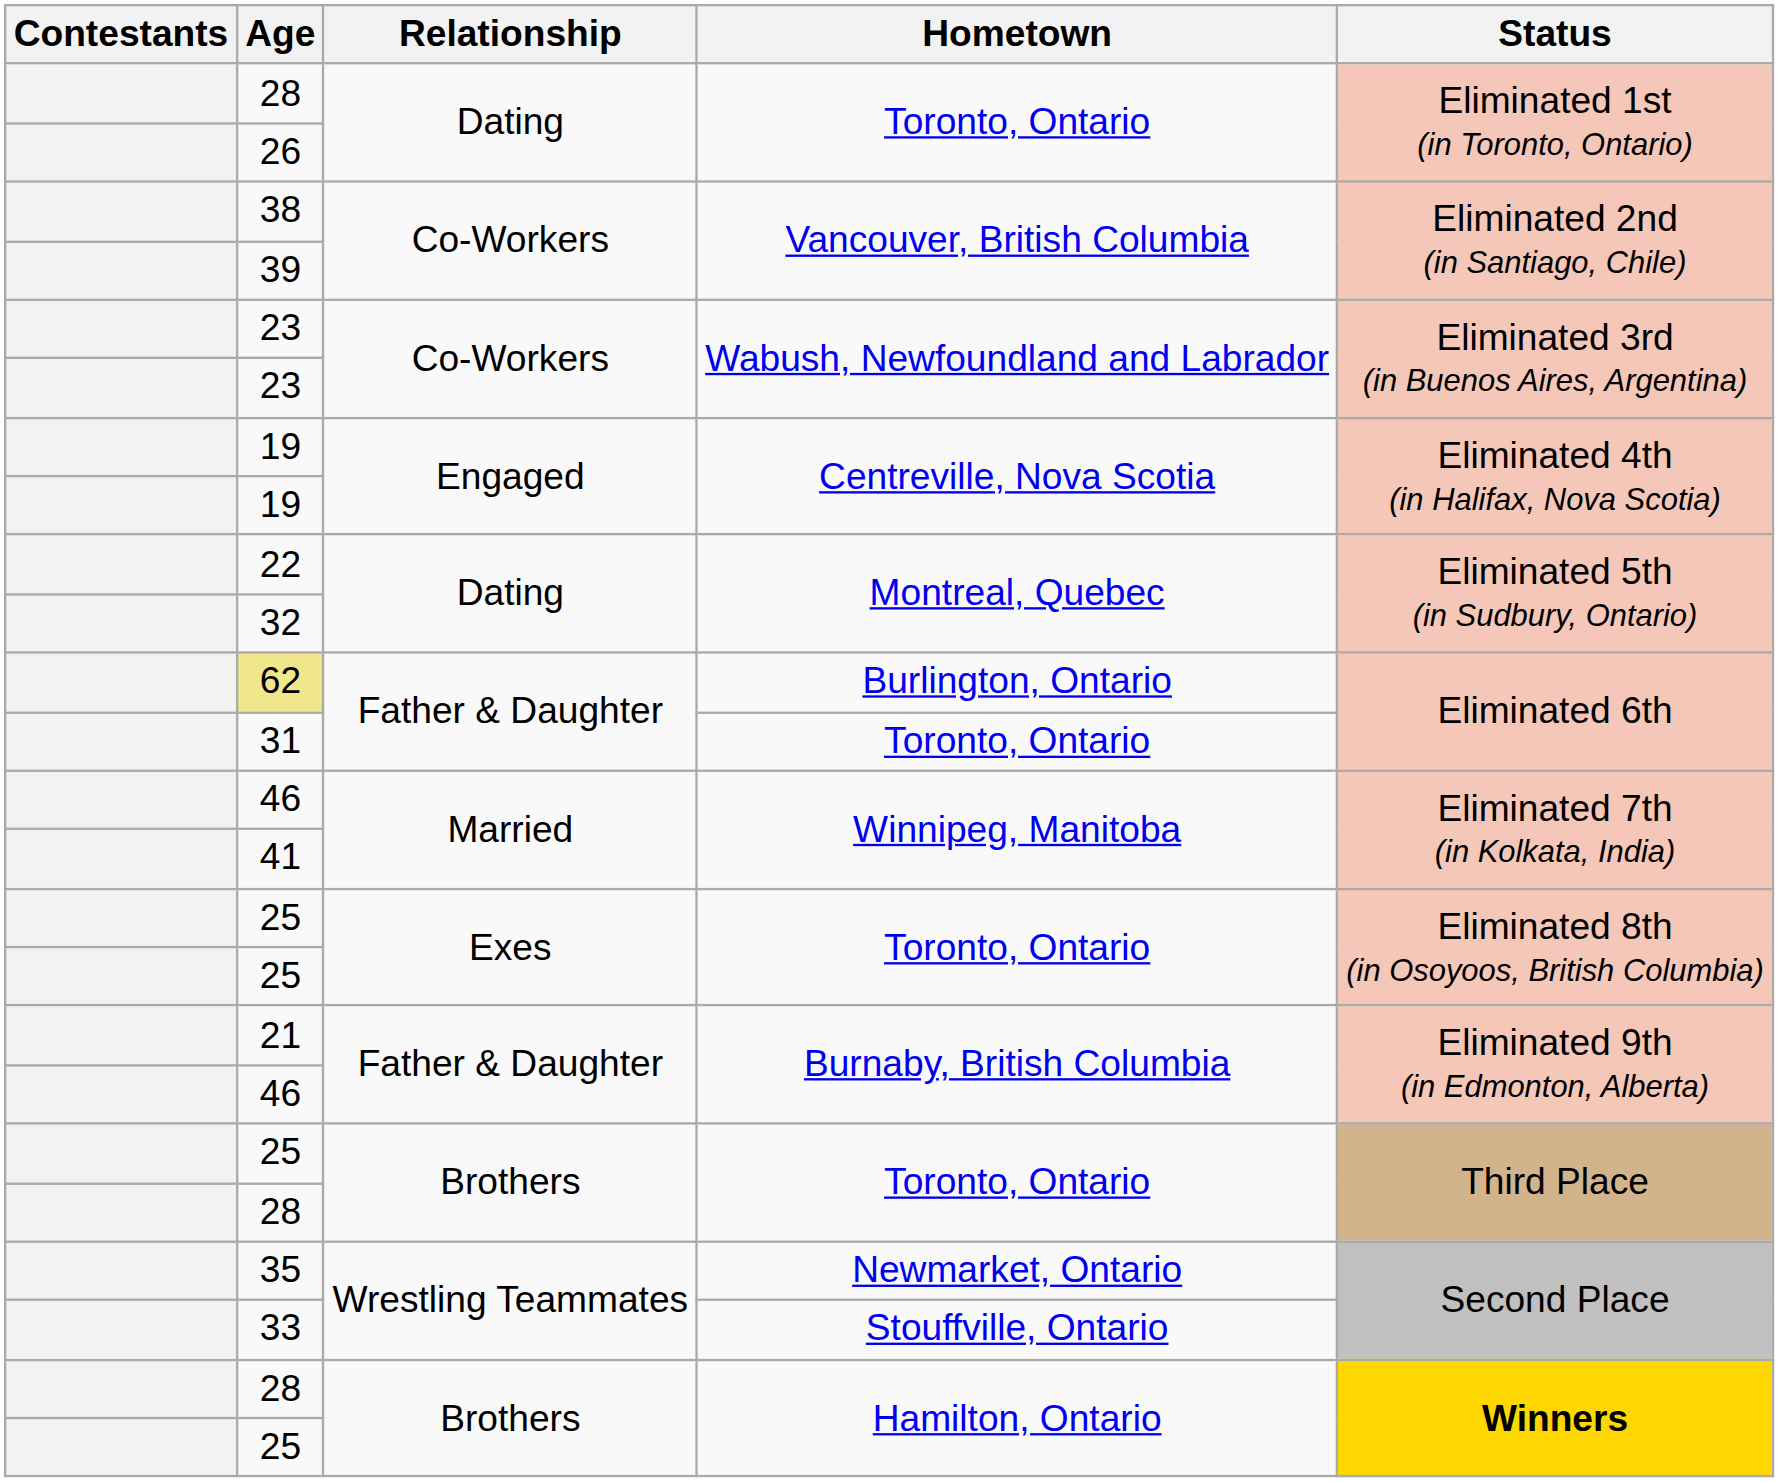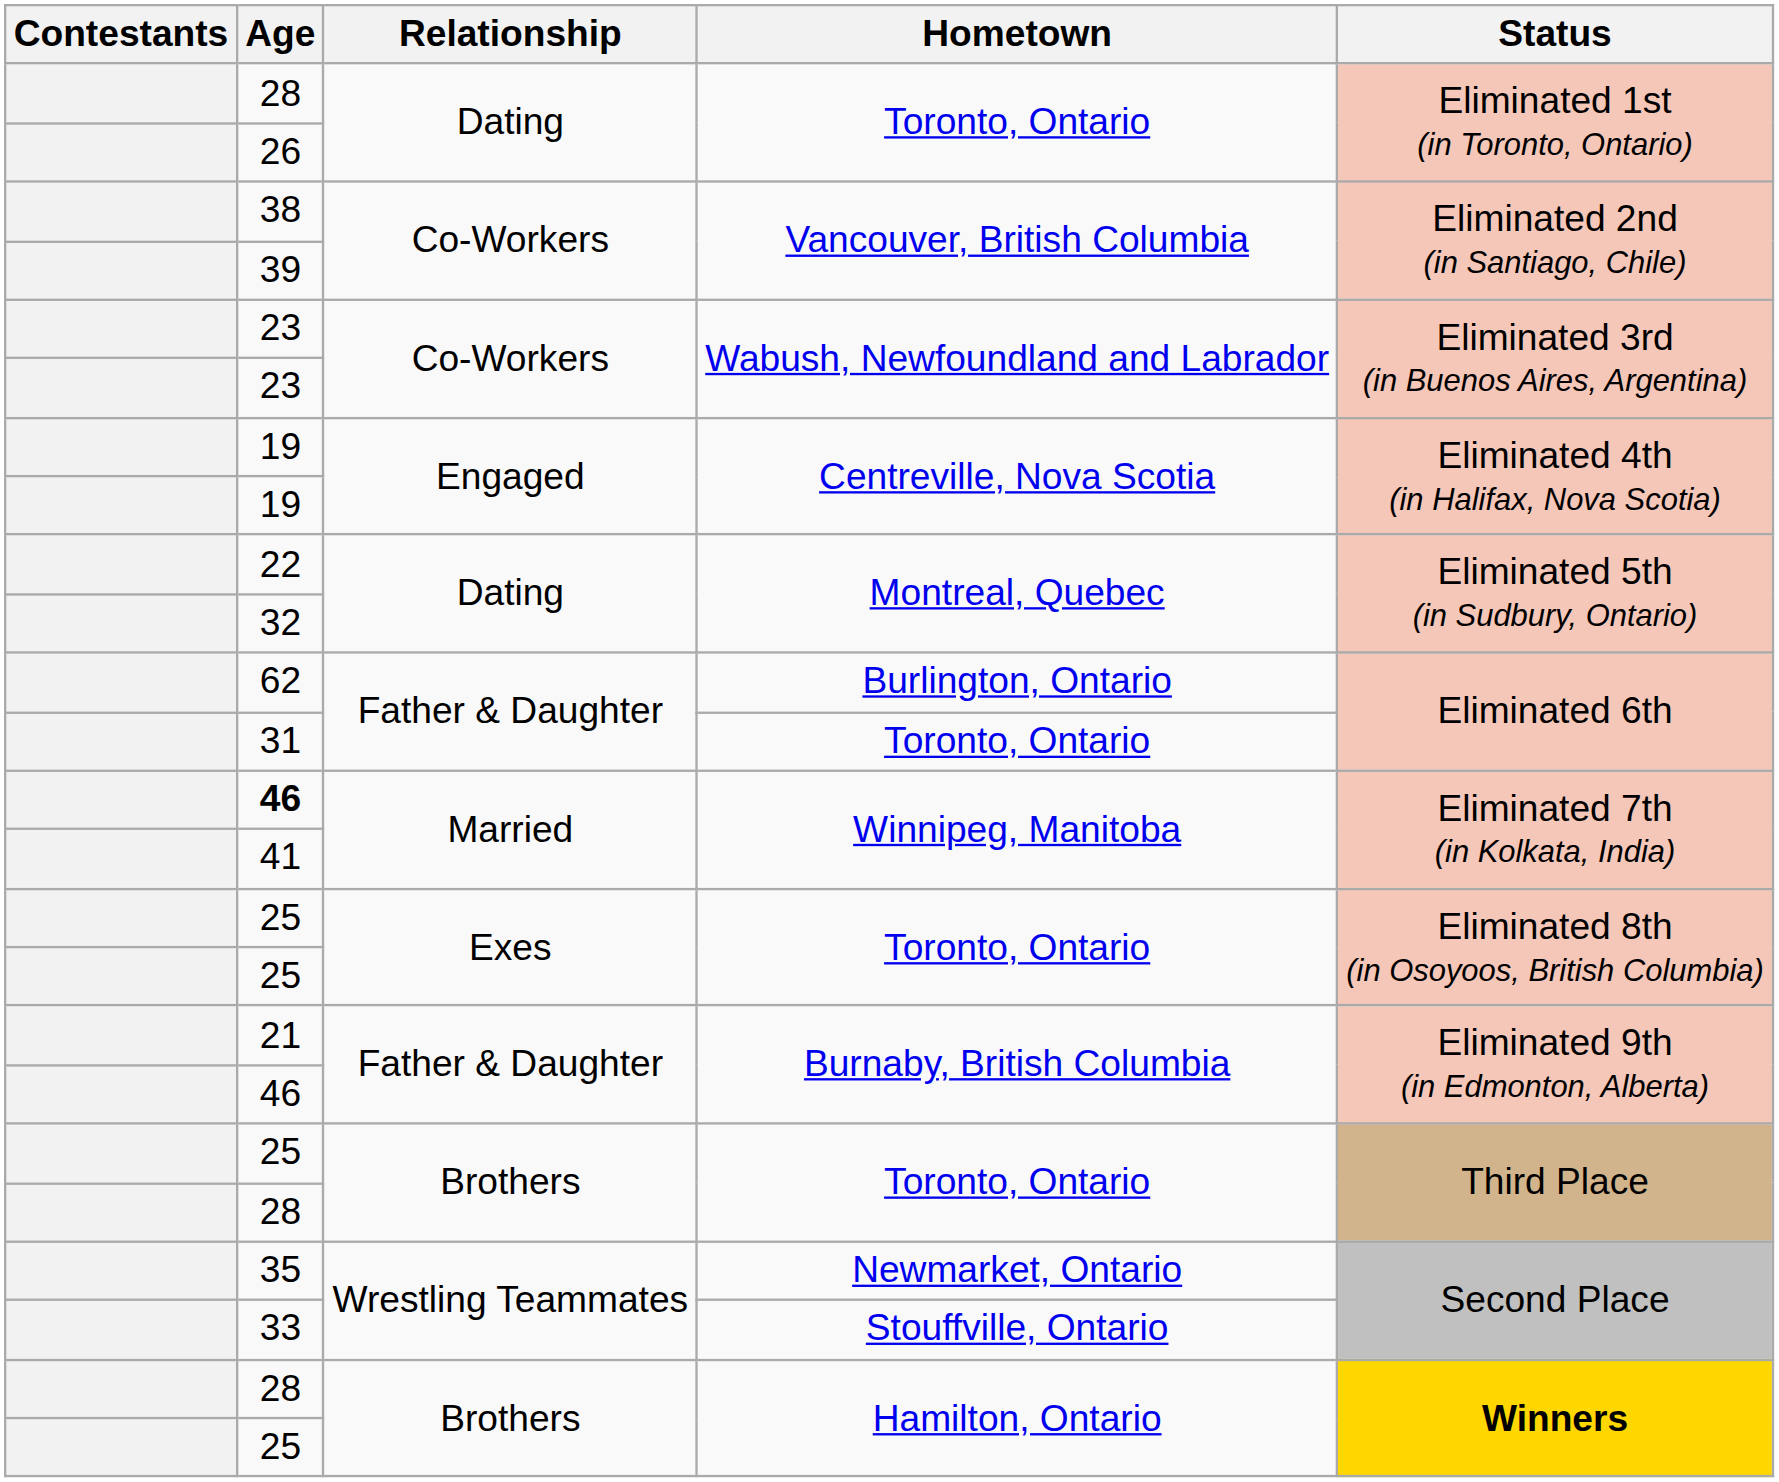 <table class="wikitable sortable" style="text-align:center;">
 <tr>
 <th scope="col">Contestants</th>
 <th scope="col">Age</th>
 <th class="unsortable" scope="col">Relationship</th>
 <th scope="col" class="unsortable">Hometown</th>
 <th scope="col">Status</th>
 </tr>
 <tr>
 <th scope="row"></th>
 <td>28</td>
 <td rowspan="2">Dating</td>
 <td rowspan="2"><a href='#'>Toronto, Ontario</a></td>
 <td rowspan="2" bgcolor="f4c7b8">Eliminated 1st<br><small><em>(in Toronto, Ontario)</em></small></td>
 </tr>
 <tr>
 <th scope="row"></th>
 <td>26</td>
 </tr>
 <tr>
 <th scope="row"></th>
 <td>38</td>
 <td rowspan="2">Co-Workers</td>
 <td rowspan="2"><a href='#'>Vancouver, British Columbia</a></td>
 <td rowspan="2" bgcolor="f4c7b8">Eliminated 2nd<br><small><em>(in Santiago, Chile)</em></small></td>
 </tr>
 <tr>
 <th scope="row"></th>
 <td>39</td>
 </tr>
 <tr>
 <th scope="row"></th>
 <td>23</td>
 <td rowspan="2">Co-Workers</td>
 <td rowspan="2"><a href='#'>Wabush, Newfoundland and Labrador</a></td>
 <td rowspan="2" bgcolor="f4c7b8">Eliminated 3rd<br><small><em>(in Buenos Aires, Argentina)</em></small></td>
 </tr>
 <tr>
 <th scope="row"></th>
 <td>23</td>
 </tr>
 <tr>
 <th scope="row"></th>
 <td>19</td>
 <td rowspan="2">Engaged</td>
 <td rowspan="2"><a href='#'>Centreville, Nova Scotia</a></td>
 <td rowspan="2" bgcolor="f4c7b8">Eliminated 4th<br><small><em>(in Halifax, Nova Scotia)</em></small></td>
 </tr>
 <tr>
 <th scope="row"></th>
 <td>19</td>
 </tr>
 <tr>
 <th scope="row"></th>
 <td>22</td>
 <td rowspan="2">Dating</td>
 <td rowspan="2"><a href='#'>Montreal, Quebec</a></td>
 <td rowspan="2" bgcolor="f4c7b8">Eliminated 5th<br><small><em>(in Sudbury, Ontario)</em></small></td>
 </tr>
 <tr>
 <th scope="row"></th>
 <td>32</td>
 </tr>
 <tr>
 <th scope="row"></th>
-<td style="background: khaki;">62</td>
+<td>62</td>
 <td rowspan="2">Father & Daughter</td>
 <td><a href='#'>Burlington, Ontario</a></td>
 <td rowspan="2" bgcolor="f4c7b8">Eliminated 6th<br><small></small></td>
 </tr>
 <tr>
 <th scope="row"></th>
 <td>31</td>
 <td><a href='#'>Toronto, Ontario</a></td>
 </tr>
 <tr>
 <th scope="row"></th>
-<td>46</td>
+<td><strong>46</strong></td>
 <td rowspan="2">Married</td>
 <td rowspan="2"><a href='#'>Winnipeg, Manitoba</a></td>
 <td rowspan="2" bgcolor="f4c7b8">Eliminated 7th<br><small><em>(in Kolkata, India)</em></small></td>
 </tr>
 <tr>
 <th scope="row"></th>
 <td>41</td>
 </tr>
 <tr>
 <th scope="row"></th>
 <td>25</td>
 <td rowspan="2">Exes</td>
 <td rowspan="2"><a href='#'>Toronto, Ontario</a></td>
 <td rowspan="2" bgcolor="f4c7b8">Eliminated 8th<br><small><em>(in Osoyoos, British Columbia)</em></small></td>
 </tr>
 <tr>
 <th scope="row"></th>
 <td>25</td>
 </tr>
 <tr>
 <th scope="row"></th>
 <td>21</td>
 <td rowspan="2">Father & Daughter</td>
 <td rowspan="2"><a href='#'>Burnaby, British Columbia</a></td>
 <td rowspan="2" bgcolor="f4c7b8">Eliminated 9th<br><small><em>(in Edmonton, Alberta)</em></small></td>
 </tr>
 <tr>
 <th scope="row"></th>
 <td>46</td>
 </tr>
 <tr>
 <th scope="row"></th>
 <td>25</td>
 <td rowspan="2">Brothers</td>
 <td rowspan="2"><a href='#'>Toronto, Ontario</a></td>
 <td rowspan="2" bgcolor="tan">Third Place</td>
 </tr>
 <tr>
 <th scope="row"></th>
 <td>28</td>
 </tr>
 <tr>
 <th scope="row"></th>
 <td>35</td>
 <td rowspan="2">Wrestling Teammates</td>
 <td><a href='#'>Newmarket, Ontario</a></td>
 <td rowspan="2" bgcolor="silver">Second Place</td>
 </tr>
 <tr>
 <th scope="row"></th>
 <td>33</td>
 <td><a href='#'>Stouffville, Ontario</a></td>
 </tr>
 <tr>
 <th scope="row"></th>
 <td>28</td>
 <td rowspan="2">Brothers</td>
 <td rowspan="2"><a href='#'>Hamilton, Ontario</a></td>
 <td rowspan="2" bgcolor="gold"><strong>Winners</strong></td>
 </tr>
 <tr>
 <th scope="row"></th>
 <td>25</td>
 </tr>
 </table>
